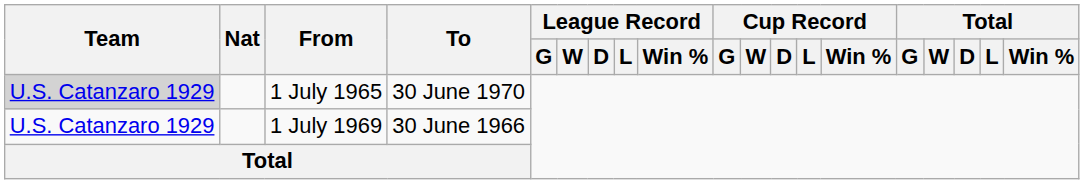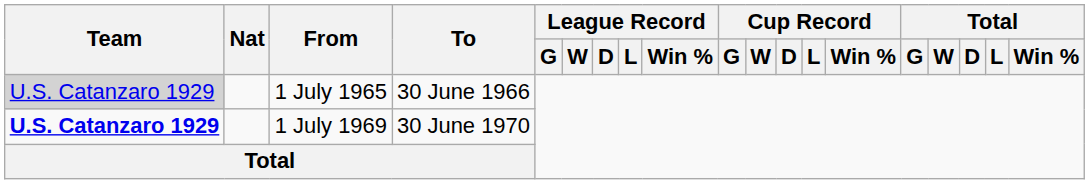 <table class="wikitable" style="text-align: center">
 <tr>
 <th rowspan="2">Team</th>
 <th rowspan="2">Nat</th>
 <th rowspan="2">From</th>
 <th rowspan="2">To</th>
 <th colspan="5">League Record</th>
 <th colspan="5">Cup Record</th>
 <th colspan="5">Total</th>
 </tr>
 <tr>
 <th>G</th>
 <th>W</th>
 <th>D</th>
 <th>L</th>
 <th>Win %</th>
 <th>G</th>
 <th>W</th>
 <th>D</th>
 <th>L</th>
 <th>Win %</th>
 <th>G</th>
 <th>W</th>
 <th>D</th>
 <th>L</th>
 <th>Win %</th>
 </tr>
 <tr>
 <td align=left style="background: lightgrey;"><a href='#'>U.S. Catanzaro 1929</a></td>
 <td></td>
 <td align=left>1 July 1965</td>
-<td align=left>30 June 1970<br>  </td>
+<td align=left>30 June 1966<br>  </td>
 </tr>
 <tr>
-<td align=left><a href='#'>U.S. Catanzaro 1929</a></td>
+<td align=left><strong><a href='#'>U.S. Catanzaro 1929</a></strong></td>
 <td></td>
 <td align=left>1 July 1969</td>
-<td align=left>30 June 1966<br>  </td>
+<td align=left>30 June 1970<br>  </td>
 </tr>
 <tr>
 <th colspan="4">Total<br>  </th>
 </tr>
 </table>
